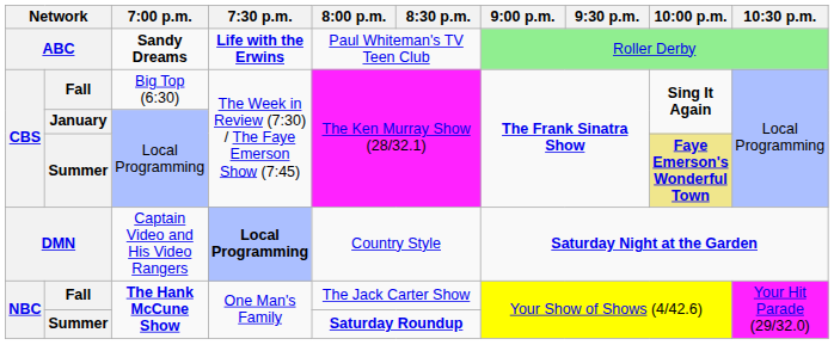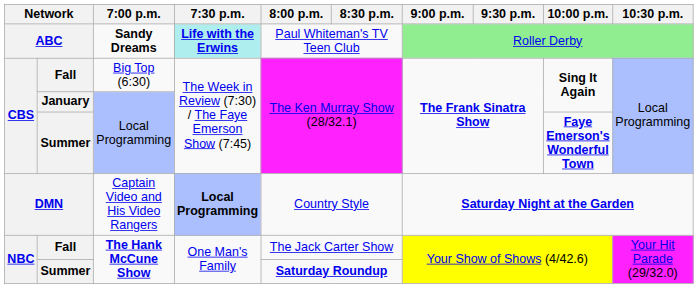 <table class="wikitable" style="width:100%;margin-right:0;text-align:center">
 <tr>
 <th colspan="2" style="width:13%;">Network</th>
 <th style="width:11.5%;">7:00 p.m.</th>
 <th style="width:11.5%;">7:30 p.m.</th>
 <th style="width:11.5%;">8:00 p.m.</th>
 <th style="width:11.5%;">8:30 p.m.</th>
 <th style="width:11.5%;">9:00 p.m.</th>
 <th style="width:11.5%;">9:30 p.m.</th>
 <th style="width:10%;">10:00 p.m.</th>
 <th style="width:10%;">10:30 p.m.</th>
 </tr>
 <tr>
 <th colspan="2"><a href='#'>ABC</a></th>
 <td><strong>Sandy Dreams</strong></td>
-<td><strong><a href='#'>Life with the Erwins</a></strong></td>
+<td style="background: paleturquoise;"><strong><a href='#'>Life with the Erwins</a></strong></td>
 <td colspan="2"><a href='#'>Paul Whiteman's TV Teen Club</a></td>
 <td colspan="4" bgcolor="lightgreen"><a href='#'>Roller Derby</a></td>
 </tr>
 <tr>
 <th rowspan="3"><a href='#'>CBS</a></th>
 <th>Fall</th>
 <td><a href='#'>Big Top</a> (6:30)</td>
 <td rowspan="3"><a href='#'>The Week in Review</a> (7:30) / <a href='#'>The Faye Emerson Show</a> (7:45)</td>
 <td colspan="2" rowspan="3" bgcolor="#FF22FF"><a href='#'>The Ken Murray Show</a> (28/32.1)</td>
 <td colspan="2" rowspan="3"><strong><a href='#'>The Frank Sinatra Show</a></strong></td>
 <td rowspan="2"><strong>Sing It Again</strong></td>
 <td bgcolor="ABBFFF" rowspan="3">Local Programming</td>
 </tr>
 <tr>
 <th>January</th>
 <td bgcolor="ABBFFF" rowspan="2">Local Programming</td>
 </tr>
 <tr>
 <th>Summer</th>
-<td style="background: khaki;"><strong><a href='#'>Faye Emerson's Wonderful Town</a></strong></td>
+<td><strong><a href='#'>Faye Emerson's Wonderful Town</a></strong></td>
 </tr>
 <tr>
 <th colspan="2"><a href='#'>DMN</a></th>
 <td><a href='#'>Captain Video and His Video Rangers</a></td>
 <td bgcolor="ABBFFF"><strong>Local Programming</strong></td>
 <td colspan="2"><a href='#'>Country Style</a></td>
 <td colspan="4"><strong><a href='#'>Saturday Night at the Garden</a></strong></td>
 </tr>
 <tr>
 <th rowspan= "2"><a href='#'>NBC</a></th>
 <th>Fall</th>
 <td rowspan="2"><strong><a href='#'>The Hank McCune Show</a></strong></td>
 <td rowspan="2"><a href='#'>One Man's Family</a></td>
 <td colspan="2"><a href='#'>The Jack Carter Show</a></td>
 <td colspan="3" rowspan="2" bgcolor="#FFFF00"><a href='#'>Your Show of Shows</a> (4/42.6)</td>
 <td rowspan="2" bgcolor="#FF22FF"><a href='#'>Your Hit Parade</a> (29/32.0)</td>
 </tr>
 <tr>
 <th>Summer</th>
 <td colspan="2"><strong><a href='#'>Saturday Roundup</a></strong></td>
 </tr>
 </table>
